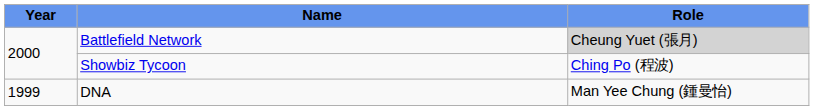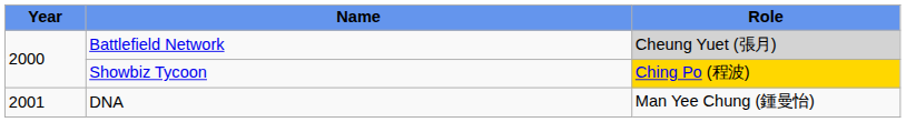 <table class="wikitable" width="70%">
 <tr style="background:cornflowerblue; colour:white" align=center>
 <td style="width:9%"><strong>Year</strong></td>
 <td><strong>Name</strong></td>
 <td style="width:30%"><strong>Role</strong></td>
 </tr>
 <tr>
 <td rowspan="2">2000</td>
 <td><a href='#'>Battlefield Network</a></td>
 <td style="background: lightgrey;">Cheung Yuet (張月)</td>
 </tr>
 <tr>
 <td><a href='#'>Showbiz Tycoon</a></td>
-<td><a href='#'>Ching Po</a> (程波)</td>
+<td style="background: gold;"><a href='#'>Ching Po</a> (程波)</td>
 </tr>
 <tr>
-<td>1999</td>
+<td>2001</td>
 <td>DNA</td>
 <td>Man Yee Chung (鍾曼怡)</td>
 </tr>
 </table>
